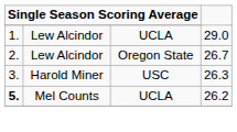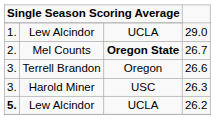 <table class="wikitable" style="display: inline-table;">
 <tr>
 <td align="center" Colspan="3"><strong>Single Season Scoring Average</strong></td>
 </tr>
 <tr align="center">
 </tr>
 <tr align="center">
 <td>1.</td>
 <td>Lew Alcindor</td>
 <td>UCLA</td>
 <td>29.0</td>
 </tr>
 <tr align="center">
 <td>2.</td>
-<td>Lew Alcindor</td>
-<td>Oregon State</td>
+<td>Mel Counts</td>
+<td><strong>Oregon State</strong></td>
 <td>26.7</td>
+</tr>
+<tr align="center">
+<td>3.</td>
+<td>Terrell Brandon</td>
+<td>Oregon</td>
+<td>26.6</td>
 </tr>
 <tr align="center">
 <td>3.</td>
 <td>Harold Miner</td>
 <td>USC</td>
 <td>26.3</td>
 </tr>
 <tr align="center">
 <td><strong>5.</strong></td>
-<td>Mel Counts</td>
+<td>Lew Alcindor</td>
 <td>UCLA</td>
 <td>26.2</td>
 </tr>
 <tr align="center">
 </tr>
 <tr>
 </tr>
 </table>
